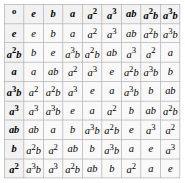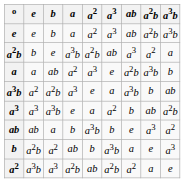 <table class="wikitable">
 <tr>
 <th><sup>o</sup></th>
 <th><em>e</em></th>
 <th><em>b</em></th>
 <th><em>a</em></th>
 <th><em>a</em><sup>2</sup></th>
 <th><em>a</em><sup>3</sup></th>
 <th><em>ab</em></th>
 <th><em>a</em><sup>2</sup><em>b</em></th>
 <th><em>a</em><sup>3</sup><em>b</em></th>
 </tr>
 <tr align="center">
 <th><em>e</em></th>
 <td><em>e</em></td>
 <td><em>b</em></td>
 <td><em>a</em></td>
 <td><em>a</em><sup>2</sup></td>
 <td><em>a</em><sup>3</sup></td>
 <td><em>ab</em></td>
 <td><em>a</em><sup>2</sup><em>b</em></td>
 <td><em>a</em><sup>3</sup><em>b</em></td>
 </tr>
 <tr align="center">
 <th><em>a</em><sup>2</sup><em>b</em></th>
 <td><em>b</em></td>
 <td><em>e</em></td>
 <td><em>a</em><sup>3</sup><em>b</em></td>
 <td><em>a</em><sup>2</sup><em>b</em></td>
 <td><em>ab</em></td>
 <td><em>a</em><sup>3</sup></td>
 <td><em>a</em><sup>2</sup></td>
 <td><em>a</em></td>
 </tr>
 <tr align="center">
 <th><em>a</em></th>
 <td><em>a</em></td>
 <td><em>ab</em></td>
 <td><em>a</em><sup>2</sup></td>
 <td><em>a</em><sup>3</sup></td>
 <td><em>e</em></td>
 <td><em>a</em><sup>2</sup><em>b</em></td>
 <td><em>a</em><sup>3</sup><em>b</em></td>
 <td><em>b</em></td>
 </tr>
 <tr align="center">
 <th><em>a</em><sup>3</sup><em>b</em></th>
 <td><em>a</em><sup>2</sup></td>
 <td><em>a</em><sup>2</sup><em>b</em></td>
 <td><em>a</em><sup>3</sup></td>
 <td><em>e</em></td>
 <td><em>a</em></td>
 <td><em>a</em><sup>3</sup><em>b</em></td>
 <td><em>b</em></td>
 <td><em>ab</em></td>
 </tr>
 <tr align="center">
 <th><em>a</em><sup>3</sup></th>
 <td><em>a</em><sup>3</sup></td>
 <td><em>a</em><sup>3</sup><em>b</em></td>
 <td><em>e</em></td>
 <td><em>a</em></td>
 <td><em>a</em><sup>2</sup></td>
 <td><em>b</em></td>
 <td><em>ab</em></td>
 <td><em>a</em><sup>2</sup><em>b</em></td>
 </tr>
 <tr align="center">
 <th><em>ab</em></th>
 <td><em>ab</em></td>
 <td><em>a</em></td>
 <td><em>b</em></td>
 <td><em>a</em><sup>3</sup><em>b</em></td>
-<td><em>a</em><sup>2</sup><em>b</em></td>
+<td><em>b</em></td>
 <td><em>e</em></td>
 <td><em>a</em><sup>3</sup></td>
 <td><em>a</em><sup>2</sup></td>
 </tr>
 <tr align="center">
 <th><em>b</em></th>
 <td><em>a</em><sup>2</sup><em>b</em></td>
 <td><em>a</em><sup>2</sup></td>
 <td><em>ab</em></td>
 <td><em>b</em></td>
 <td><em>a</em><sup>3</sup><em>b</em></td>
 <td><em>a</em></td>
 <td><em>e</em></td>
 <td><em>a</em><sup>3</sup></td>
 </tr>
 <tr align="center">
 <th><em>a</em><sup>2</sup></th>
 <td><em>a</em><sup>3</sup><em>b</em></td>
 <td><em>a</em><sup>3</sup></td>
 <td><em>a</em><sup>2</sup><em>b</em></td>
 <td><em>ab</em></td>
-<td><em>b</em></td>
+<td><em>a</em><sup>2</sup><em>b</em></td>
 <td><em>a</em><sup>2</sup></td>
 <td><em>a</em></td>
 <td><em>e</em></td>
 </tr>
 </table>
